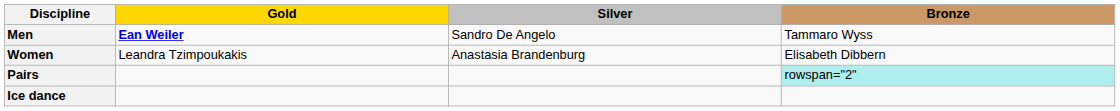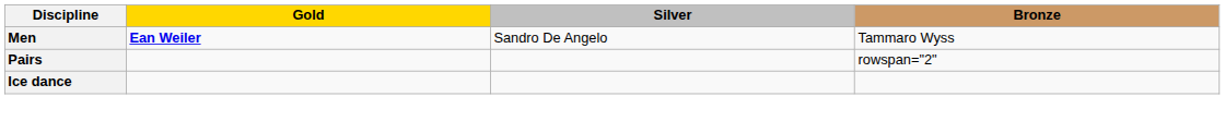 <table class="wikitable unsortable" style="text-align:left; width:70%">
 <tr>
 <th scope="col">Discipline</th>
 <td scope="col" style="text-align:center; width:30%; background:gold"><strong>Gold</strong></td>
 <td scope="col" style="text-align:center; width:30%; background:silver"><strong>Silver</strong></td>
 <td scope="col" style="text-align:center; width:30%; background:#c96"><strong>Bronze</strong></td>
 </tr>
 <tr>
 <th scope="row" style="text-align:left">Men</th>
 <td><strong><a href='#'>Ean Weiler</a></strong></td>
 <td>Sandro De Angelo</td>
 <td>Tammaro Wyss</td>
 </tr>
 <tr>
-<th scope="row" style="text-align:left">Women</th>
-<td>Leandra Tzimpoukakis</td>
-<td>Anastasia Brandenburg</td>
-<td>Elisabeth Dibbern</td>
-</tr>
-<tr>
 <th scope="row" style="text-align:left">Pairs</th>
 <td></td>
 <td></td>
-<td style="background: paleturquoise;">rowspan="2" </td>
+<td>rowspan="2" </td>
 </tr>
 <tr>
 <th scope="row" style="text-align:left">Ice dance</th>
 <td></td>
 <td></td>
 </tr>
 </table>
